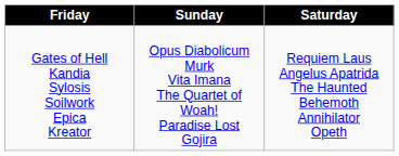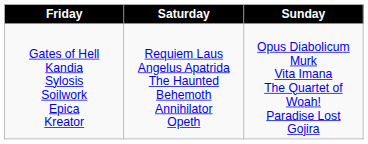 <table class="wikitable">
 <tr>
 <th width=150px style="background:black; color:white">Friday</th>
+<th width=150px style="background:black; color:white">Saturday</th>
 <th width=150px style="background:black; color:white">Sunday</th>
-<th width=150px style="background:black; color:white">Saturday</th>
 </tr>
 <tr>
 <td style="text-align: center;"><br><a href='#'>Gates of Hell</a> <br> <a href='#'>Kandia</a><br> <a href='#'>Sylosis</a><br> <a href='#'>Soilwork</a><br> <a href='#'>Epica</a><br> <a href='#'>Kreator</a></td>
+<td style="text-align: center;"><br><a href='#'>Requiem Laus</a> <br> <a href='#'>Angelus Apatrida</a><br> <a href='#'>The Haunted</a><br> <a href='#'>Behemoth</a><br> <a href='#'>Annihilator</a><br> <a href='#'>Opeth</a></td>
 <td style="text-align: center;"><br><a href='#'>Opus Diabolicum</a><br> <a href='#'>Murk</a><br> <a href='#'>Vita Imana</a><br> <a href='#'>The Quartet of Woah!</a><br> <a href='#'>Paradise Lost</a><br> <a href='#'>Gojira</a></td>
-<td style="text-align: center;"><br><a href='#'>Requiem Laus</a> <br> <a href='#'>Angelus Apatrida</a><br> <a href='#'>The Haunted</a><br> <a href='#'>Behemoth</a><br> <a href='#'>Annihilator</a><br> <a href='#'>Opeth</a></td>
 </tr>
 </table>
